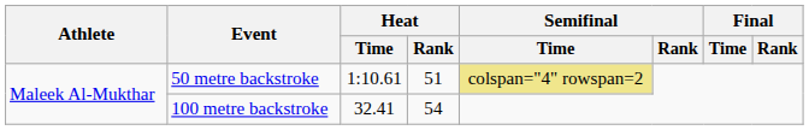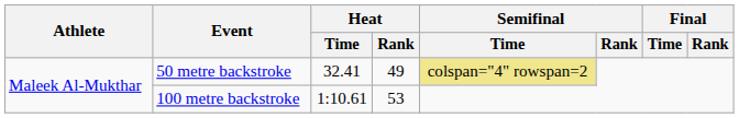 <table class="wikitable" style="text-align:center; font-size:90%; width:50%;">
 <tr>
 <th rowspan="2">Athlete</th>
 <th rowspan="2">Event</th>
 <th colspan="2">Heat</th>
 <th colspan="2">Semifinal</th>
 <th colspan="2">Final</th>
 </tr>
 <tr style="font-size:95%">
 <th>Time</th>
 <th>Rank</th>
 <th>Time</th>
 <th>Rank</th>
 <th>Time</th>
 <th>Rank</th>
 </tr>
 <tr>
 <td align=left rowspan=2><a href='#'>Maleek Al-Mukthar</a></td>
 <td align=left><a href='#'>50 metre backstroke</a></td>
-<td>1:10.61</td>
-<td>51</td>
+<td>32.41</td>
+<td>49</td>
 <td style="background: khaki;">colspan="4" rowspan=2</td>
 </tr>
 <tr>
 <td align=left><a href='#'>100 metre backstroke</a></td>
-<td>32.41</td>
-<td>54</td>
+<td>1:10.61</td>
+<td>53</td>
 </tr>
 </table>
